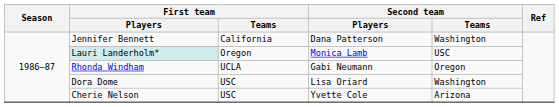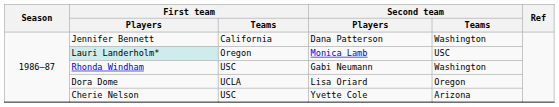 <table class="wikitable" style="width:66%">
 <tr>
 <th rowspan=2>Season</th>
 <th colspan=2>First team</th>
 <th colspan=2>Second team</th>
 <th rowspan=2>Ref</th>
 </tr>
 <tr>
 <th>Players</th>
 <th>Teams</th>
 <th>Players</th>
 <th>Teams</th>
 </tr>
 <tr>
 <td rowspan=5 style="text-align:center;">1986–87</td>
 <td>Jennifer Bennett</td>
 <td>California</td>
 <td>Dana Patterson</td>
 <td>Washington</td>
 <td rowspan=5 style="text-align:center;"></td>
 </tr>
 <tr>
 <td style="background:#CFECEC;">Lauri Landerholm*</td>
 <td>Oregon</td>
 <td><a href='#'>Monica Lamb</a></td>
 <td>USC</td>
 </tr>
 <tr>
 <td><a href='#'>Rhonda Windham</a></td>
-<td>UCLA</td>
+<td>USC</td>
 <td>Gabi Neumann</td>
-<td>Oregon</td>
+<td>Washington</td>
 </tr>
 <tr>
 <td>Dora Dome</td>
-<td>USC</td>
+<td>UCLA</td>
 <td>Lisa Oriard</td>
-<td>Washington</td>
+<td>Oregon</td>
 </tr>
 <tr>
 <td>Cherie Nelson</td>
 <td>USC</td>
 <td>Yvette Cole</td>
 <td>Arizona</td>
 </tr>
 <tr style="border-top:2px solid black">
 </tr>
 </table>
